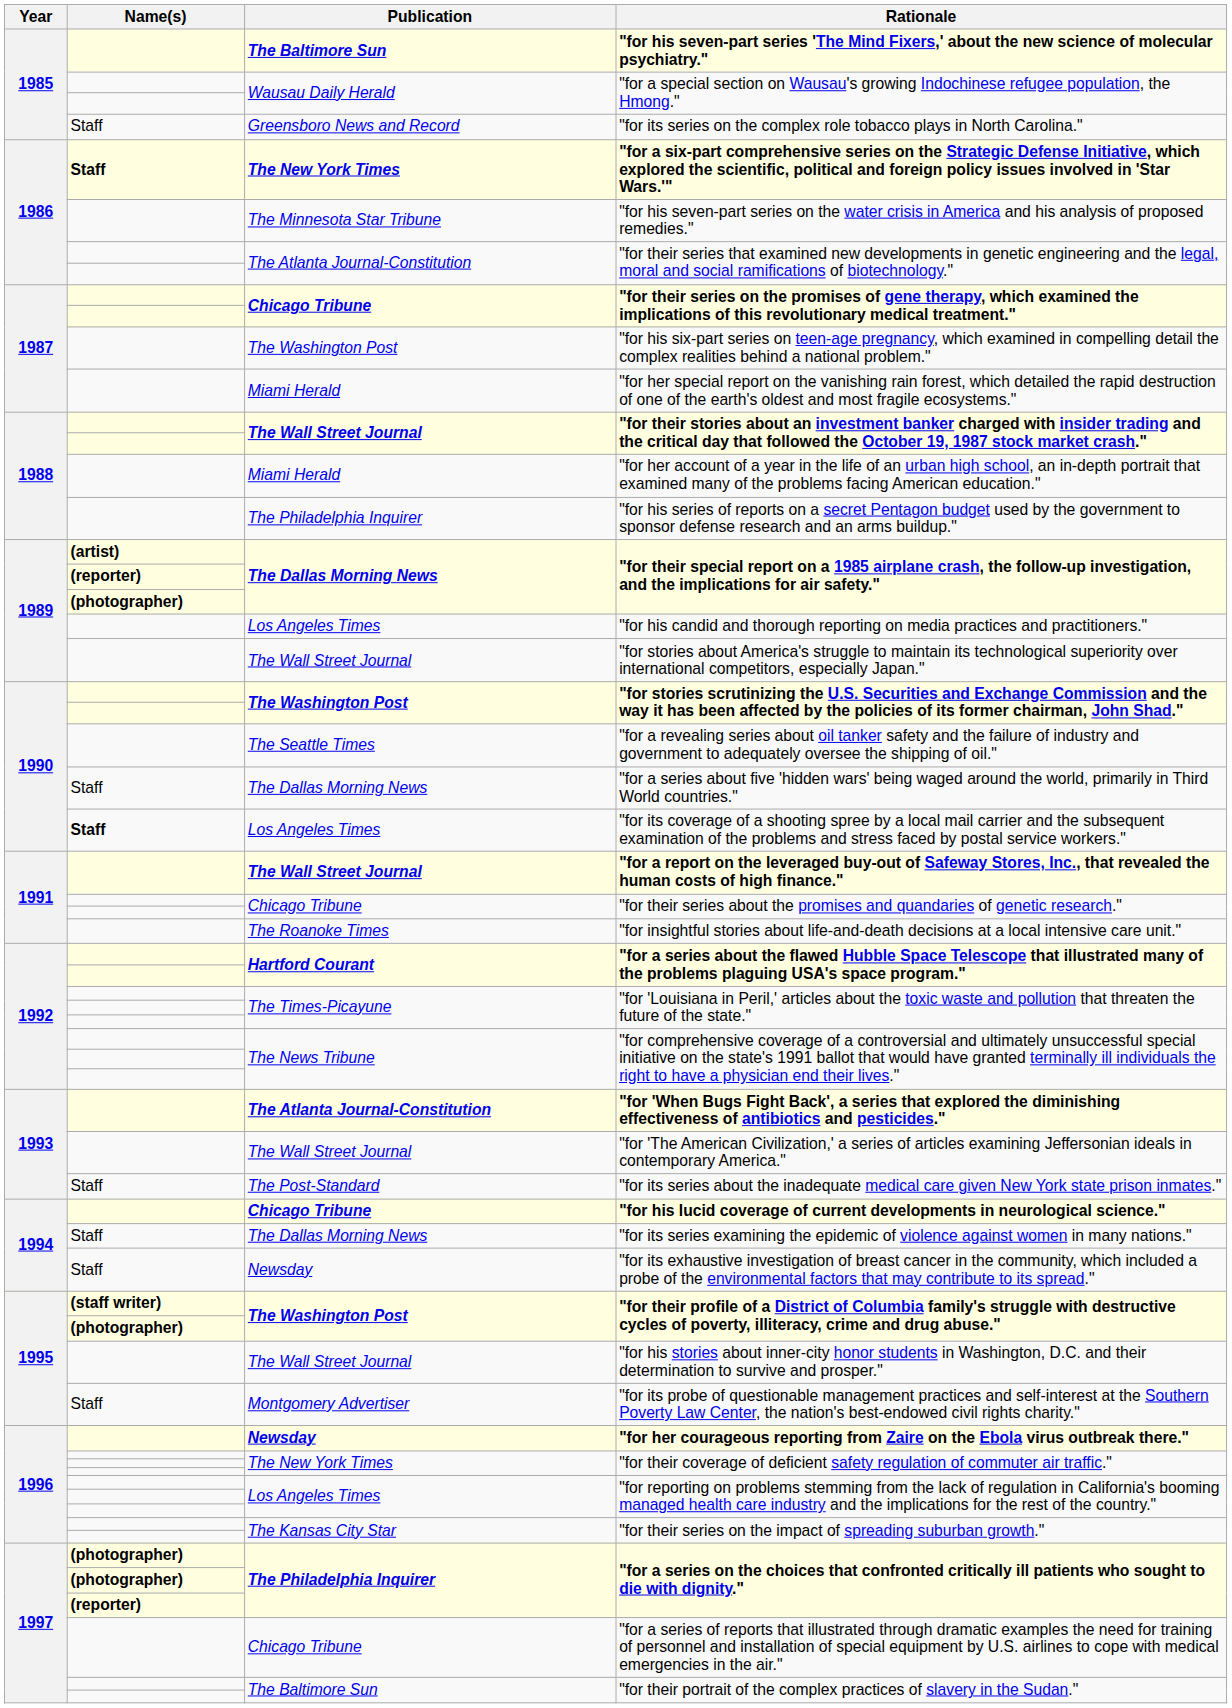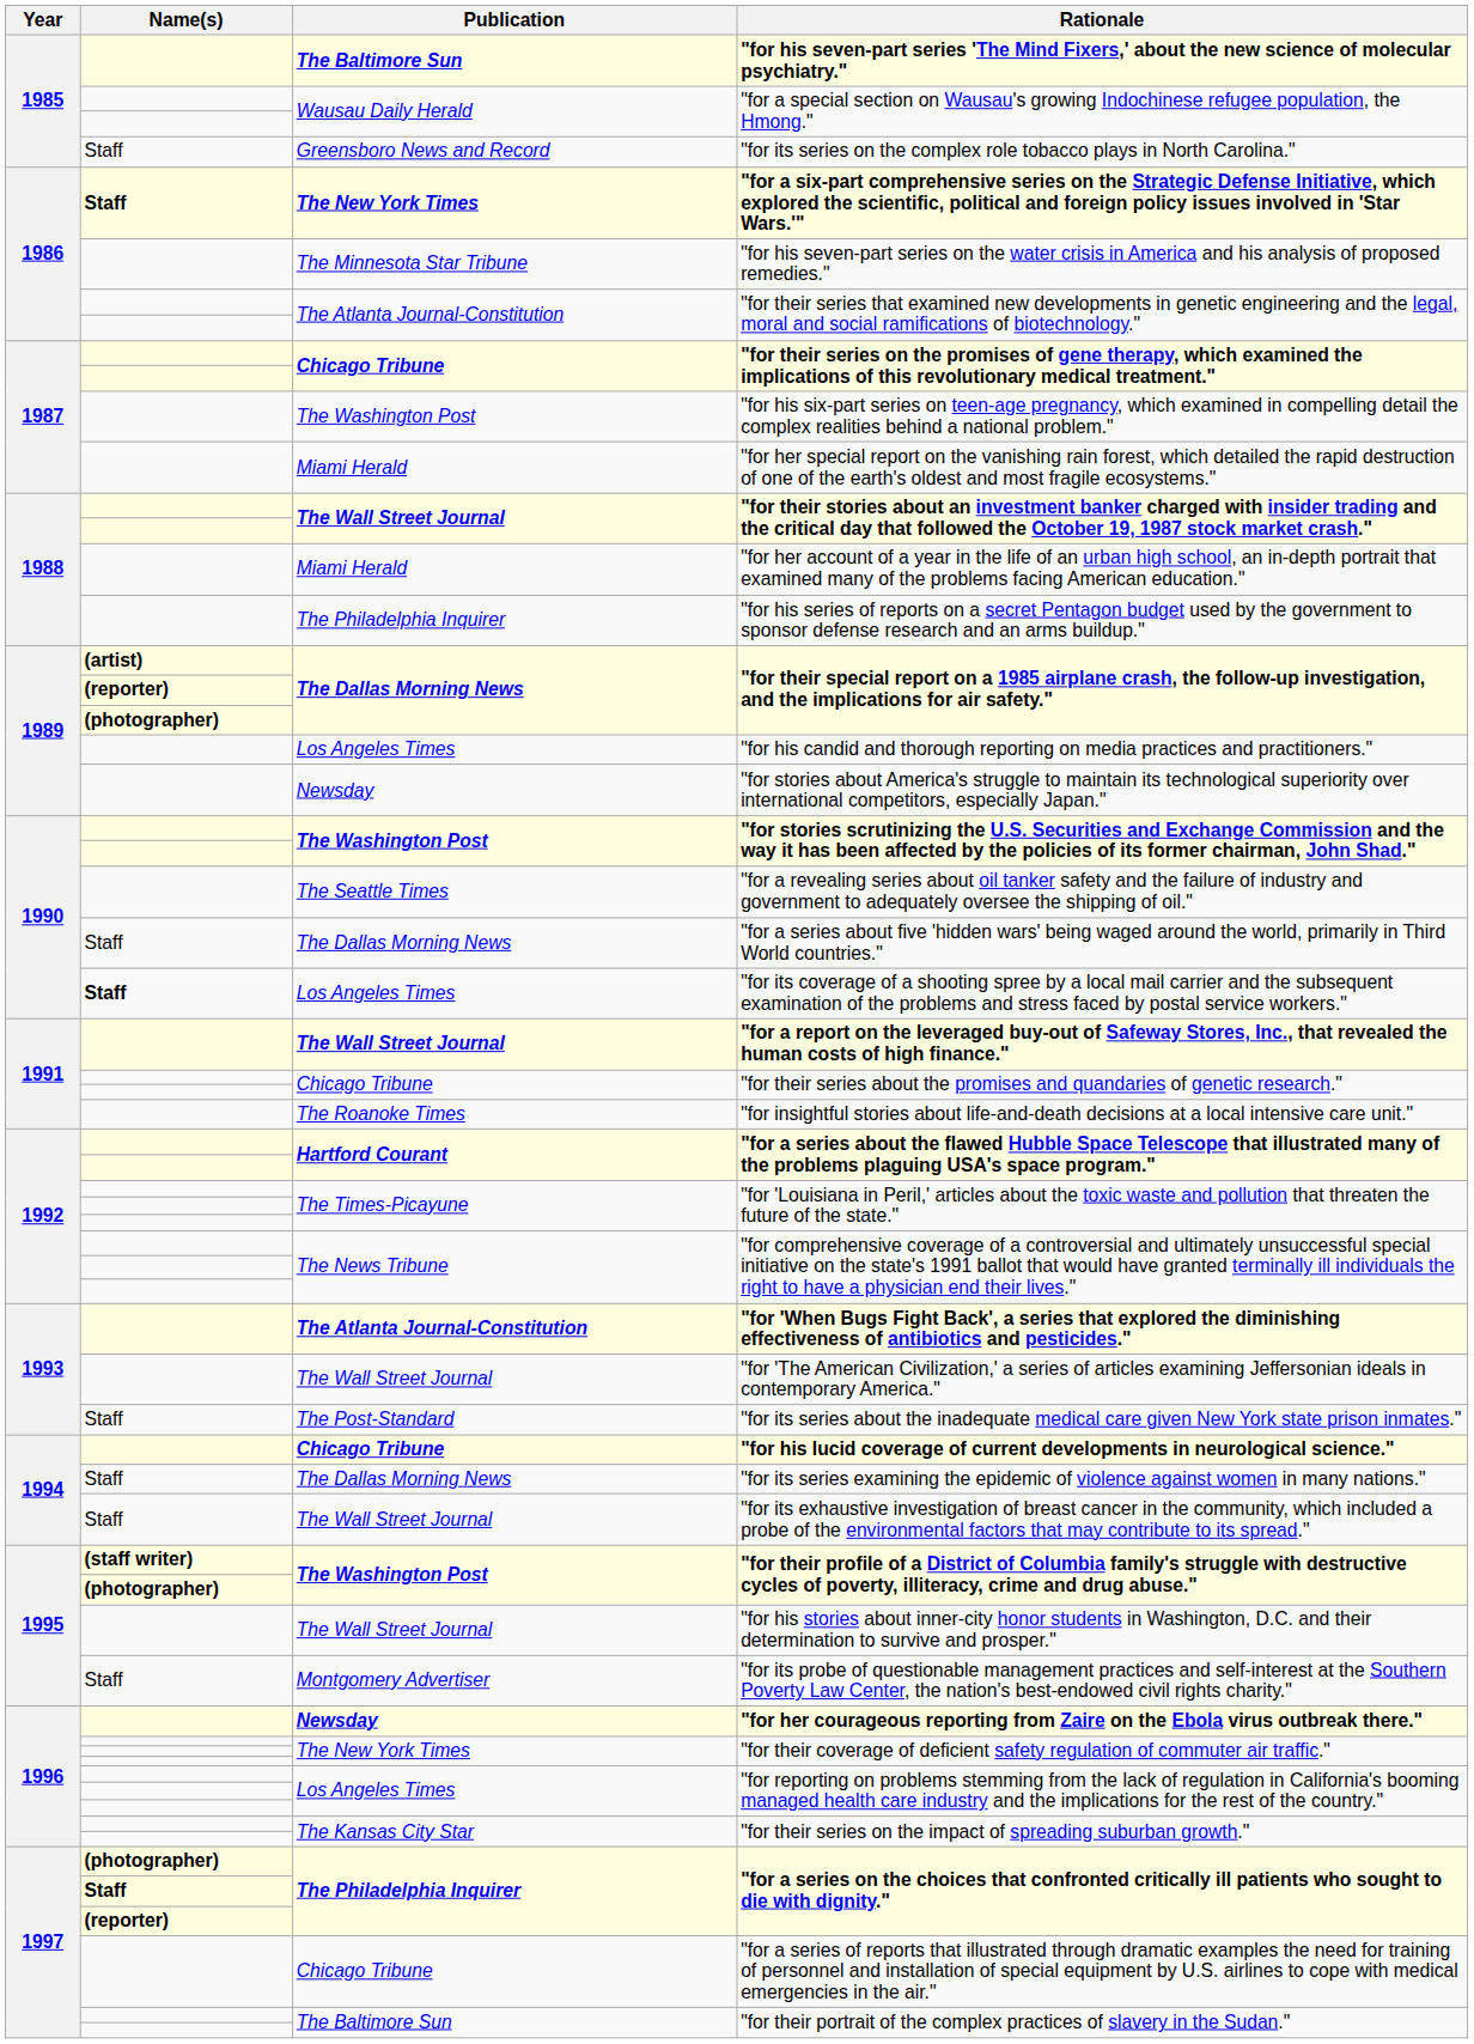 <table class="wikitable sortable">
 <tr style="vertical-align:bottom;">
 <th>Year</th>
 <th>Name(s)</th>
 <th>Publication</th>
 <th width=50%>Rationale</th>
 </tr>
 <tr style="background-color:lightyellow;">
 <th rowspan=4><strong><a href='#'>1985</a></strong></th>
 <td><strong></strong></td>
 <td><strong><em><a href='#'>The Baltimore Sun</a></em></strong></td>
 <td><strong>"for his seven-part series '<a href='#'>The Mind Fixers</a>,' about the new science of molecular psychiatry."</strong></td>
 </tr>
 <tr>
 <td></td>
 <td rowspan=2><em><a href='#'>Wausau Daily Herald</a></em></td>
 <td rowspan=2>"for a special section on <a href='#'>Wausau</a>'s growing <a href='#'>Indochinese refugee population</a>, the <a href='#'>Hmong</a>."</td>
 </tr>
 <tr>
 <td></td>
 </tr>
 <tr>
 <td>Staff</td>
 <td><em><a href='#'>Greensboro News and Record</a></em></td>
 <td>"for its series on the complex role tobacco plays in North Carolina."</td>
 </tr>
 <tr style="background-color:lightyellow;">
 <th rowspan=4><strong><a href='#'>1986</a></strong></th>
 <td><strong>Staff</strong></td>
 <td><strong><em><a href='#'>The New York Times</a></em></strong></td>
 <td><strong>"for a six-part comprehensive series on the <a href='#'>Strategic Defense Initiative</a>, which explored the scientific, political and foreign policy issues involved in 'Star Wars.'"</strong></td>
 </tr>
 <tr>
 <td></td>
 <td><em><a href='#'>The Minnesota Star Tribune</a></em></td>
 <td>"for his seven-part series on the <a href='#'>water crisis in America</a> and his analysis of proposed remedies."</td>
 </tr>
 <tr>
 <td></td>
 <td rowspan=2><em><a href='#'>The Atlanta Journal-Constitution</a></em></td>
 <td rowspan=2>"for their series that examined new developments in genetic engineering and the <a href='#'>legal, moral and social ramifications</a> of <a href='#'>biotechnology</a>."</td>
 </tr>
 <tr>
 <td></td>
 </tr>
 <tr style="background-color:lightyellow;">
 <th rowspan=4><strong><a href='#'>1987</a></strong></th>
 <td><strong></strong></td>
 <td rowspan=2><strong><em><a href='#'>Chicago Tribune</a></em></strong></td>
 <td rowspan=2><strong>"for their series on the promises of <a href='#'>gene therapy</a>, which examined the implications of this revolutionary medical treatment."</strong></td>
 </tr>
 <tr style="background-color:lightyellow;">
 <td><strong></strong></td>
 </tr>
 <tr>
 <td></td>
 <td><em><a href='#'>The Washington Post</a></em></td>
 <td>"for his six-part series on <a href='#'>teen-age pregnancy</a>, which examined in compelling detail the complex realities behind a national problem."</td>
 </tr>
 <tr>
 <td></td>
 <td><em><a href='#'>Miami Herald</a></em></td>
 <td>"for her special report on the vanishing rain forest, which detailed the rapid destruction of one of the earth's oldest and most fragile ecosystems."</td>
 </tr>
 <tr style="background-color:lightyellow;">
 <th rowspan=4><strong><a href='#'>1988</a></strong></th>
 <td><strong></strong></td>
 <td rowspan=2><strong><em><a href='#'>The Wall Street Journal</a></em></strong></td>
 <td rowspan=2><strong>"for their stories about an <a href='#'>investment banker</a> charged with <a href='#'>insider trading</a> and the critical day that followed the <a href='#'>October 19, 1987 stock market crash</a>."</strong></td>
 </tr>
 <tr style="background-color:lightyellow;">
 <td><strong></strong></td>
 </tr>
 <tr>
 <td></td>
 <td><em><a href='#'>Miami Herald</a></em></td>
 <td>"for her account of a year in the life of an <a href='#'>urban high school</a>, an in-depth portrait that examined many of the problems facing American education."</td>
 </tr>
 <tr>
 <td></td>
 <td><em><a href='#'>The Philadelphia Inquirer</a></em></td>
 <td>"for his series of reports on a <a href='#'>secret Pentagon budget</a> used by the government to sponsor defense research and an arms buildup."</td>
 </tr>
 <tr style="background-color:lightyellow;">
 <th rowspan=5><strong><a href='#'>1989</a></strong></th>
 <td><strong> (artist)</strong></td>
 <td rowspan=3><strong><em><a href='#'>The Dallas Morning News</a></em></strong></td>
 <td rowspan=3><strong>"for their special report on a <a href='#'>1985 airplane crash</a>, the follow-up investigation, and the implications for air safety."</strong></td>
 </tr>
 <tr style="background-color:lightyellow;">
 <td><strong> (reporter)</strong></td>
 </tr>
 <tr style="background-color:lightyellow;">
 <td><strong> (photographer)</strong></td>
 </tr>
 <tr>
 <td></td>
 <td><em><a href='#'>Los Angeles Times</a></em></td>
 <td>"for his candid and thorough reporting on media practices and practitioners."</td>
 </tr>
 <tr>
 <td></td>
-<td><em><a href='#'>The Wall Street Journal</a></em></td>
+<td><em><a href='#'>Newsday</a></em></td>
 <td>"for stories about America's struggle to maintain its technological superiority over international competitors, especially Japan."</td>
 </tr>
 <tr style="background-color:lightyellow;">
 <th rowspan=5><strong><a href='#'>1990</a></strong></th>
 <td><strong></strong></td>
 <td rowspan=2><strong><em><a href='#'>The Washington Post</a></em></strong></td>
 <td rowspan=2><strong>"for stories scrutinizing the <a href='#'>U.S. Securities and Exchange Commission</a> and the way it has been affected by the policies of its former chairman, <a href='#'>John Shad</a>."</strong></td>
 </tr>
 <tr style="background-color:lightyellow;">
 <td><strong></strong></td>
 </tr>
 <tr>
 <td></td>
 <td><em><a href='#'>The Seattle Times</a></em></td>
 <td>"for a revealing series about <a href='#'>oil tanker</a> safety and the failure of industry and government to adequately oversee the shipping of oil."</td>
 </tr>
 <tr>
 <td>Staff</td>
 <td><em><a href='#'>The Dallas Morning News</a></em></td>
 <td>"for a series about five 'hidden wars' being waged around the world, primarily in Third World countries."</td>
 </tr>
 <tr>
 <td><strong>Staff</strong></td>
 <td><em><a href='#'>Los Angeles Times</a></em></td>
 <td>"for its coverage of a shooting spree by a local mail carrier and the subsequent examination of the problems and stress faced by postal service workers."</td>
 </tr>
 <tr style="background-color:lightyellow;">
 <th rowspan=4><strong><a href='#'>1991</a></strong></th>
 <td><strong></strong></td>
 <td><strong><em><a href='#'>The Wall Street Journal</a></em></strong></td>
 <td><strong>"for a report on the leveraged buy-out of <a href='#'>Safeway Stores, Inc.</a>, that revealed the human costs of high finance."</strong></td>
 </tr>
 <tr>
 <td></td>
 <td rowspan=2><em><a href='#'>Chicago Tribune</a></em></td>
 <td rowspan=2>"for their series about the <a href='#'>promises and quandaries</a> of <a href='#'>genetic research</a>."</td>
 </tr>
 <tr>
 <td></td>
 </tr>
 <tr>
 <td></td>
 <td><em><a href='#'>The Roanoke Times</a></em></td>
 <td>"for insightful stories about life-and-death decisions at a local intensive care unit."</td>
 </tr>
 <tr style="background-color:lightyellow;">
 <th rowspan=8><strong><a href='#'>1992</a></strong></th>
 <td><strong></strong></td>
 <td rowspan=2><strong><em><a href='#'>Hartford Courant</a></em></strong></td>
 <td rowspan=2><strong>"for a series about the flawed <a href='#'>Hubble Space Telescope</a> that illustrated many of the problems plaguing USA's space program."</strong></td>
 </tr>
 <tr style="background-color:lightyellow;">
 <td><strong></strong></td>
 </tr>
 <tr>
 <td></td>
 <td rowspan=3><em><a href='#'>The Times-Picayune</a></em></td>
 <td rowspan=3>"for 'Louisiana in Peril,' articles about the <a href='#'>toxic waste and pollution</a> that threaten the future of the state."</td>
 </tr>
 <tr>
 <td></td>
 </tr>
 <tr>
 <td></td>
 </tr>
 <tr>
 <td></td>
 <td rowspan=3><em><a href='#'>The News Tribune</a></em></td>
 <td rowspan=3>"for comprehensive coverage of a controversial and ultimately unsuccessful special initiative on the state's 1991 ballot that would have granted <a href='#'>terminally ill individuals the right to have a physician end their lives</a>."</td>
 </tr>
 <tr>
 <td></td>
 </tr>
 <tr>
 <td></td>
 </tr>
 <tr style="background-color:lightyellow;">
 <th rowspan=3><strong><a href='#'>1993</a></strong></th>
 <td><strong></strong></td>
 <td><strong><em><a href='#'>The Atlanta Journal-Constitution</a></em></strong></td>
 <td><strong>"for 'When Bugs Fight Back', a series that explored the diminishing effectiveness of <a href='#'>antibiotics</a> and <a href='#'>pesticides</a>."</strong></td>
 </tr>
 <tr>
 <td></td>
 <td><em><a href='#'>The Wall Street Journal</a></em></td>
 <td>"for 'The American Civilization,' a series of articles examining Jeffersonian ideals in contemporary America."</td>
 </tr>
 <tr>
 <td>Staff</td>
 <td><em><a href='#'>The Post-Standard</a></em></td>
 <td>"for its series about the inadequate <a href='#'>medical care given New York state prison inmates</a>."</td>
 </tr>
 <tr style="background-color:lightyellow;">
 <th rowspan=3><strong><a href='#'>1994</a></strong></th>
 <td><strong></strong></td>
 <td><strong><em><a href='#'>Chicago Tribune</a></em></strong></td>
 <td><strong>"for his lucid coverage of current developments in neurological science."</strong></td>
 </tr>
 <tr>
 <td>Staff</td>
 <td><em><a href='#'>The Dallas Morning News</a></em></td>
 <td>"for its series examining the epidemic of <a href='#'>violence against women</a> in many nations."</td>
 </tr>
 <tr>
 <td>Staff</td>
-<td><em><a href='#'>Newsday</a></em></td>
+<td><em><a href='#'>The Wall Street Journal</a></em></td>
 <td>"for its exhaustive investigation of breast cancer in the community, which included a probe of the <a href='#'>environmental factors that may contribute to its spread</a>."</td>
 </tr>
 <tr style="background-color:lightyellow;">
 <th rowspan=4><strong><a href='#'>1995</a></strong></th>
 <td><strong> (staff writer)</strong></td>
 <td rowspan=2><strong><em><a href='#'>The Washington Post</a></em></strong></td>
 <td rowspan=2><strong>"for their profile of a <a href='#'>District of Columbia</a> family's struggle with destructive cycles of poverty, illiteracy, crime and drug abuse."</strong></td>
 </tr>
 <tr style="background-color:lightyellow;">
 <td><strong> (photographer)</strong></td>
 </tr>
 <tr>
 <td></td>
 <td><em><a href='#'>The Wall Street Journal</a></em></td>
 <td>"for his <a href='#'>stories</a> about inner-city <a href='#'>honor students</a> in Washington, D.C. and their determination to survive and prosper."</td>
 </tr>
 <tr>
 <td>Staff</td>
 <td><em><a href='#'>Montgomery Advertiser</a></em></td>
 <td>"for its probe of questionable management practices and self-interest at the <a href='#'>Southern Poverty Law Center</a>, the nation's best-endowed civil rights charity."</td>
 </tr>
 <tr style="background-color:lightyellow;">
 <th rowspan=9><strong><a href='#'>1996</a></strong></th>
 <td><strong></strong></td>
 <td><strong><em><a href='#'>Newsday</a></em></strong></td>
 <td><strong>"for her courageous reporting from <a href='#'>Zaire</a> on the <a href='#'>Ebola</a> virus outbreak there."</strong></td>
 </tr>
 <tr>
 <td></td>
 <td rowspan=3><em><a href='#'>The New York Times</a></em></td>
 <td rowspan=3>"for their coverage of deficient <a href='#'>safety regulation of commuter air traffic</a>."</td>
 </tr>
 <tr>
 <td></td>
 </tr>
 <tr>
 <td></td>
 </tr>
 <tr>
 <td></td>
 <td rowspan=3><em><a href='#'>Los Angeles Times</a></em></td>
 <td rowspan=3>"for reporting on problems stemming from the lack of regulation in California's booming <a href='#'>managed health care industry</a> and the implications for the rest of the country."</td>
 </tr>
 <tr>
 <td></td>
 </tr>
 <tr>
 <td></td>
 </tr>
 <tr>
 <td></td>
 <td rowspan=2><em><a href='#'>The Kansas City Star</a></em></td>
 <td rowspan=2>"for their series on the impact of <a href='#'>spreading suburban growth</a>."</td>
 </tr>
 <tr>
 <td></td>
 </tr>
 <tr style="background-color:lightyellow;">
 <th rowspan=6><strong><a href='#'>1997</a></strong></th>
 <td><strong> (photographer)</strong></td>
 <td rowspan=3><strong><em><a href='#'>The Philadelphia Inquirer</a></em></strong></td>
 <td rowspan=3><strong>"for a series on the choices that confronted critically ill patients who sought to <a href='#'>die with dignity</a>."</strong></td>
 </tr>
 <tr style="background-color:lightyellow;">
-<td><strong> (photographer)</strong></td>
+<td><strong>Staff</strong></td>
 </tr>
 <tr style="background-color:lightyellow;">
 <td><strong> (reporter)</strong></td>
 </tr>
 <tr>
 <td></td>
 <td><em><a href='#'>Chicago Tribune</a></em></td>
 <td>"for a series of reports that illustrated through dramatic examples the need for training of personnel and installation of special equipment by U.S. airlines to cope with medical emergencies in the air."</td>
 </tr>
 <tr>
 <td></td>
 <td rowspan=2><em><a href='#'>The Baltimore Sun</a></em></td>
 <td rowspan=2>"for their portrait of the complex practices of <a href='#'>slavery in the Sudan</a>."</td>
 </tr>
 <tr>
 <td></td>
 </tr>
 </table>
